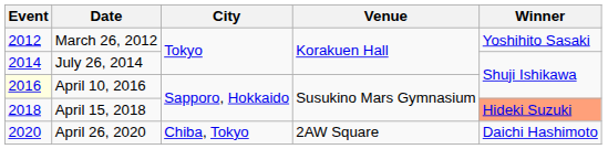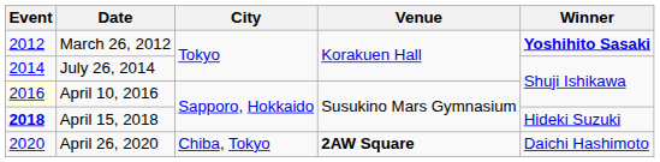 <table class="wikitable">
 <tr>
 <th>Event</th>
 <th>Date</th>
 <th>City</th>
 <th>Venue</th>
 <th>Winner</th>
 </tr>
 <tr>
 <td><a href='#'>2012</a></td>
 <td>March 26, 2012</td>
 <td rowspan="2"><a href='#'>Tokyo</a></td>
 <td rowspan="2"><a href='#'>Korakuen Hall</a></td>
-<td><a href='#'>Yoshihito Sasaki</a></td>
+<td><strong><a href='#'>Yoshihito Sasaki</a></strong></td>
 </tr>
 <tr>
 <td><a href='#'>2014</a></td>
 <td>July 26, 2014</td>
 <td rowspan="2"><a href='#'>Shuji Ishikawa</a></td>
 </tr>
 <tr>
 <td style="background: lightyellow;"><a href='#'>2016</a></td>
 <td>April 10, 2016</td>
 <td rowspan="2"><a href='#'>Sapporo</a>, <a href='#'>Hokkaido</a></td>
 <td rowspan="2">Susukino Mars Gymnasium</td>
 </tr>
 <tr>
-<td><a href='#'>2018</a></td>
+<td><strong><a href='#'>2018</a></strong></td>
 <td>April 15, 2018</td>
-<td style="background: lightsalmon;"><a href='#'>Hideki Suzuki</a></td>
+<td><a href='#'>Hideki Suzuki</a></td>
 </tr>
 <tr>
 <td><a href='#'>2020</a></td>
 <td>April 26, 2020</td>
 <td><a href='#'>Chiba</a>, <a href='#'>Tokyo</a></td>
-<td>2AW Square</td>
+<td><strong>2AW Square</strong></td>
 <td><a href='#'>Daichi Hashimoto</a></td>
 </tr>
 </table>
